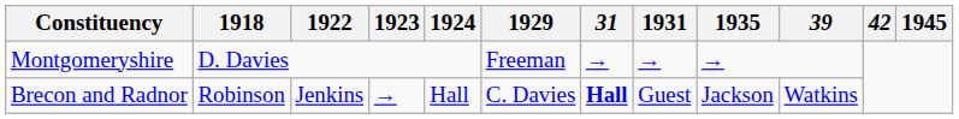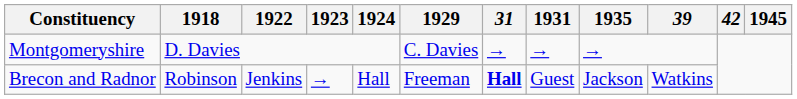 <table class="wikitable">
 <tr>
 <th>Constituency</th>
 <th>1918</th>
 <th>1922</th>
 <th>1923</th>
 <th>1924</th>
 <th>1929</th>
 <th><em>31</em></th>
 <th>1931</th>
 <th>1935</th>
 <th><em>39</em></th>
 <th><em>42</em></th>
 <th>1945</th>
 </tr>
 <tr>
 <td><a href='#'>Montgomeryshire</a></td>
 <td colspan="4"><a href='#'>D. Davies</a></td>
-<td><a href='#'>Freeman</a></td>
+<td><a href='#'>C. Davies</a></td>
 <td><a href='#'>→</a></td>
 <td><a href='#'>→</a></td>
 <td colspan="2"><a href='#'>→</a></td>
 </tr>
 <tr>
 <td><a href='#'>Brecon and Radnor</a></td>
 <td><a href='#'>Robinson</a></td>
 <td><a href='#'>Jenkins</a></td>
 <td bgcolor=><a href='#'>→</a></td>
 <td><a href='#'>Hall</a></td>
-<td><a href='#'>C. Davies</a></td>
+<td><a href='#'>Freeman</a></td>
 <td><strong><a href='#'>Hall</a></strong></td>
 <td bgcolor=><a href='#'>Guest</a></td>
 <td><a href='#'>Jackson</a></td>
 <td><a href='#'>Watkins</a></td>
 </tr>
 </table>
